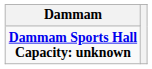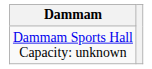 <table class="wikitable" style="margin:1em auto; text-align:center;">
 <tr>
 <th style="border-left:none; border-right;">Dammam</th>
 <th rowspan="6"></th>
 </tr>
 <tr>
-<td><strong><a href='#'>Dammam Sports Hall</a><br>Capacity: unknown</strong></td>
+<td><a href='#'>Dammam Sports Hall</a><br>Capacity: unknown</td>
 </tr>
 </table>
